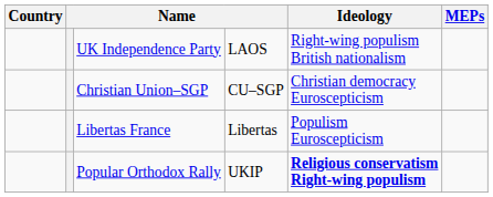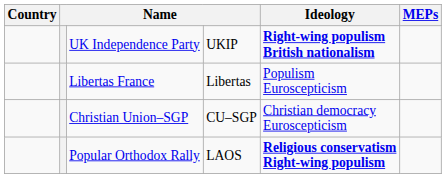 <table class="wikitable">
 <tr>
 <th>Country</th>
 <th colspan="3">Name</th>
 <th>Ideology</th>
 <th><a href='#'>MEPs</a></th>
 </tr>
 <tr>
 <td></td>
 <th style="background:"></th>
 <td><a href='#'>UK Independence Party</a></td>
-<td>LAOS</td>
-<td><a href='#'>Right-wing populism</a><br><a href='#'>British nationalism</a></td>
+<td>UKIP</td>
+<td><strong><a href='#'>Right-wing populism</a><br><a href='#'>British nationalism</a></strong></td>
+<td></td>
+</tr>
+<tr>
+<td></td>
+<th style="background:"></th>
+<td><a href='#'>Libertas France</a></td>
+<td>Libertas</td>
+<td><a href='#'>Populism</a><br><a href='#'>Euroscepticism</a></td>
 <td></td>
 </tr>
 <tr>
 <td></td>
 <th style="background:"></th>
 <td><a href='#'>Christian Union–SGP</a></td>
 <td>CU–SGP</td>
 <td><a href='#'>Christian democracy</a><br><a href='#'>Euroscepticism</a></td>
 <td></td>
 </tr>
 <tr>
 <td></td>
 <th style="background:"></th>
-<td><a href='#'>Libertas France</a></td>
-<td>Libertas</td>
-<td><a href='#'>Populism</a><br><a href='#'>Euroscepticism</a></td>
-<td></td>
-</tr>
-<tr>
-<td></td>
-<th style="background:"></th>
 <td><a href='#'>Popular Orthodox Rally</a></td>
-<td>UKIP</td>
+<td>LAOS</td>
 <td><strong><a href='#'>Religious conservatism</a><br><a href='#'>Right-wing populism</a></strong></td>
 <td></td>
 </tr>
 </table>
